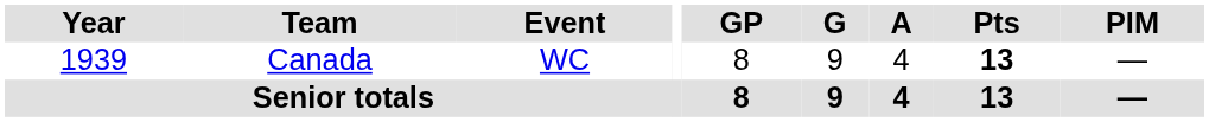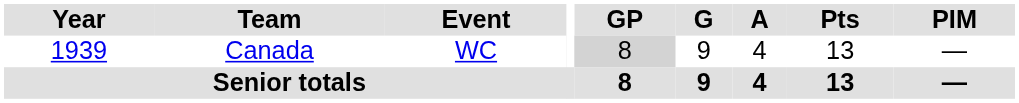 <table border="0" cellpadding="1" cellspacing="0" ID="Table3" style="text-align:center; width:40em">
 <tr bgcolor="#e0e0e0">
 <th>Year</th>
 <th>Team</th>
 <th>Event</th>
 <th rowspan="102" bgcolor="#ffffff"></th>
 <th>GP</th>
 <th>G</th>
 <th>A</th>
 <th>Pts</th>
 <th>PIM</th>
 </tr>
 <tr>
 <td><a href='#'>1939</a></td>
 <td><a href='#'>Canada</a></td>
 <td><a href='#'>WC</a></td>
-<td>8</td>
+<td style="background: lightgrey;">8</td>
 <td>9</td>
 <td>4</td>
-<td><strong>13</strong></td>
+<td>13</td>
 <td>—</td>
 </tr>
 <tr bgcolor="#e0e0e0">
 <th colspan="4">Senior totals</th>
 <th>8</th>
 <th>9</th>
 <th>4</th>
 <th>13</th>
 <th>—</th>
 </tr>
 </table>
